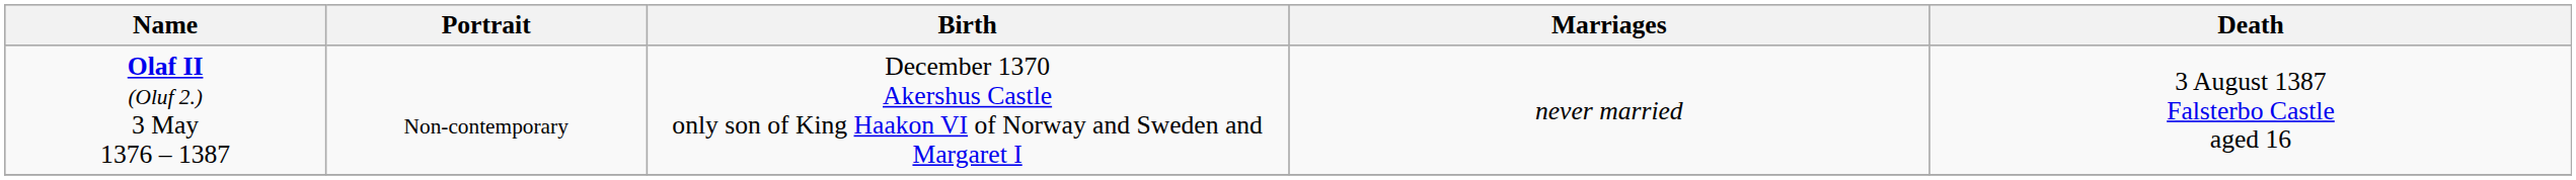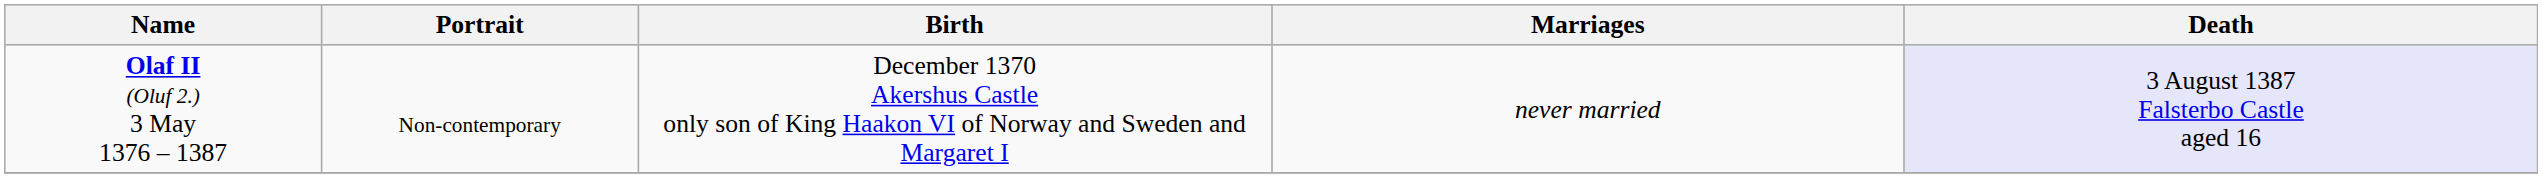 <table style="text-align:center; width:100%" class="wikitable">
 <tr>
 <th width=10%>Name</th>
 <th width=10%>Portrait</th>
 <th width=20%>Birth</th>
 <th width=20%>Marriages</th>
 <th width=20%>Death</th>
 </tr>
 <tr>
 <td><strong><a href='#'>Olaf II</a></strong><br><small><em>(Oluf 2.)</em></small><br>3 May<br>1376 – 1387</td>
 <td><br><small>Non-contemporary</small></td>
 <td>December 1370<br><a href='#'>Akershus Castle</a><br>only son of King <a href='#'>Haakon VI</a> of Norway and Sweden and <a href='#'>Margaret I</a></td>
 <td><em>never married</em></td>
-<td>3 August 1387<br><a href='#'>Falsterbo Castle</a><br>aged 16</td>
+<td style="background: lavender;">3 August 1387<br><a href='#'>Falsterbo Castle</a><br>aged 16</td>
 </tr>
 <tr>
 </tr>
 </table>
